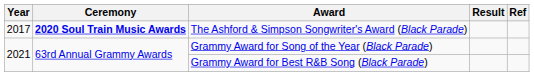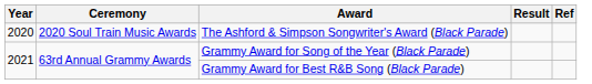 <table class="wikitable">
 <tr style="background:#ccc; text-align:center;">
 <th scope="col">Year</th>
 <th scope="col">Ceremony</th>
 <th scope="col">Award</th>
 <th scope="col">Result</th>
 <th>Ref</th>
 </tr>
 <tr>
-<td>2017</td>
-<td><strong><a href='#'>2020 Soul Train Music Awards</a></strong></td>
+<td>2020</td>
+<td><a href='#'>2020 Soul Train Music Awards</a></td>
 <td><a href='#'>The Ashford & Simpson Songwriter's Award</a> (<em><a href='#'>Black Parade</a></em>)</td>
 <td></td>
 <td style="text-align:center;"></td>
 </tr>
 <tr>
 <td rowspan="2">2021</td>
 <td rowspan="2"><a href='#'>63rd Annual Grammy Awards</a></td>
 <td><a href='#'>Grammy Award for Song of the Year</a> (<em><a href='#'>Black Parade</a></em>)</td>
 <td></td>
 <td style="text-align:center;"></td>
 </tr>
 <tr>
 <td><a href='#'>Grammy Award for Best R&B Song</a> (<em><a href='#'>Black Parade</a></em>)</td>
 <td></td>
 <td style="text-align:center;"></td>
 </tr>
 </table>
